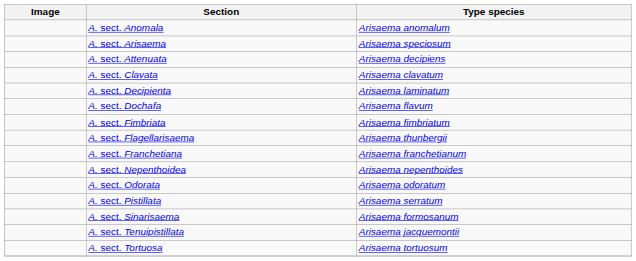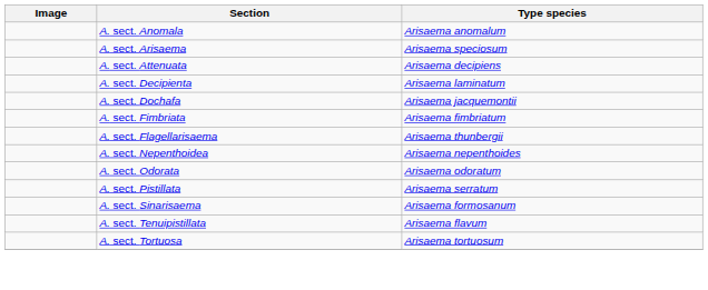 <table class="wikitable sortable mw-collapsible" style="margin:auto; width:80%">
 <tr>
 <th>Image</th>
 <th>Section</th>
 <th>Type species</th>
 </tr>
 <tr>
 <td></td>
 <td><a href='#'><em>A.</em> sect. <em>Anomala</em></a> </td>
 <td><em><a href='#'>Arisaema anomalum</a></em></td>
 </tr>
 <tr>
 <td></td>
 <td><a href='#'><em>A.</em> sect. <em>Arisaema</em></a> </td>
 <td><em><a href='#'>Arisaema speciosum</a></em></td>
 </tr>
 <tr>
 <td></td>
 <td><a href='#'><em>A.</em> sect. <em>Attenuata</em></a> </td>
 <td><em><a href='#'>Arisaema decipiens</a></em></td>
 </tr>
 <tr>
 <td></td>
-<td><a href='#'><em>A.</em> sect. <em>Clavata</em></a> </td>
-<td><em><a href='#'>Arisaema clavatum</a></em></td>
-</tr>
-<tr>
-<td></td>
 <td><a href='#'><em>A.</em> sect. <em>Decipienta</em></a> </td>
 <td><em><a href='#'>Arisaema laminatum</a></em></td>
 </tr>
 <tr>
 <td></td>
 <td><a href='#'><em>A.</em> sect. <em>Dochafa</em></a> </td>
-<td><em><a href='#'>Arisaema flavum</a></em></td>
+<td><em><a href='#'>Arisaema jacquemontii</a></em></td>
 </tr>
 <tr>
 <td></td>
 <td><a href='#'><em>A.</em> sect. <em>Fimbriata</em></a> </td>
 <td><em><a href='#'>Arisaema fimbriatum</a></em></td>
 </tr>
 <tr>
 <td></td>
 <td><a href='#'><em>A.</em> sect. <em>Flagellarisaema</em></a> </td>
 <td><em><a href='#'>Arisaema thunbergii</a></em></td>
-</tr>
-<tr>
-<td></td>
-<td><a href='#'><em>A.</em> sect. <em>Franchetiana</em></a> </td>
-<td><em><a href='#'>Arisaema franchetianum</a></em></td>
 </tr>
 <tr>
 <td></td>
 <td><a href='#'><em>A.</em> sect. <em>Nepenthoidea</em></a> </td>
 <td><em><a href='#'>Arisaema nepenthoides</a></em></td>
 </tr>
 <tr>
 <td></td>
 <td><a href='#'><em>A.</em> sect. <em>Odorata</em></a> </td>
 <td><em><a href='#'>Arisaema odoratum</a></em></td>
 </tr>
 <tr>
 <td></td>
 <td><a href='#'><em>A.</em> sect. <em>Pistillata</em></a> </td>
 <td><em><a href='#'>Arisaema serratum</a></em></td>
 </tr>
 <tr>
 <td></td>
 <td><a href='#'><em>A.</em> sect. <em>Sinarisaema</em></a> </td>
 <td><em><a href='#'>Arisaema formosanum</a></em></td>
 </tr>
 <tr>
 <td></td>
 <td><a href='#'><em>A.</em> sect. <em>Tenuipistillata</em></a> </td>
-<td><em><a href='#'>Arisaema jacquemontii</a></em></td>
+<td><em><a href='#'>Arisaema flavum</a></em></td>
 </tr>
 <tr>
 <td></td>
 <td><a href='#'><em>A.</em> sect. <em>Tortuosa</em></a> </td>
 <td><em><a href='#'>Arisaema tortuosum</a></em></td>
 </tr>
 <tr>
 </tr>
 </table>
